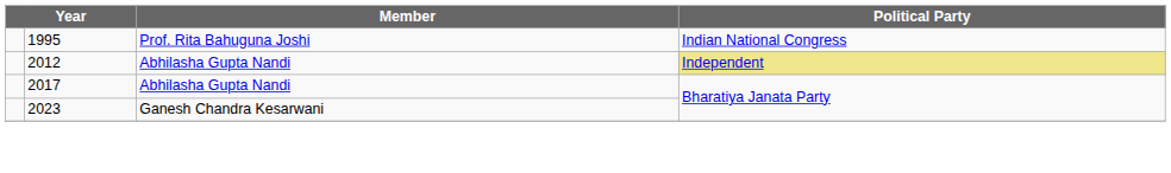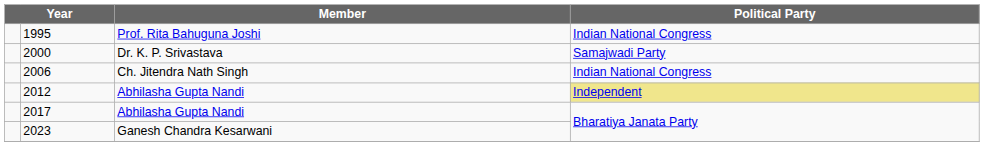 <table class="wikitable" width=80%>
 <tr>
 <th style="background-color:#666666; color:white" colspan="2">Year</th>
 <th style="background-color:#666666; color:white">Member</th>
 <th style="background-color:#666666; color:white">Political Party</th>
 </tr>
 <tr>
 <td style="background-color: "></td>
 <td>1995</td>
 <td><a href='#'>Prof. Rita Bahuguna Joshi</a></td>
+<td><a href='#'>Indian National Congress</a></td>
+</tr>
+<tr>
+<td style="background-color: "></td>
+<td>2000</td>
+<td>Dr. K. P. Srivastava</td>
+<td><a href='#'>Samajwadi Party</a></td>
+</tr>
+<tr>
+<td style="background-color: "></td>
+<td>2006</td>
+<td>Ch. Jitendra Nath Singh</td>
 <td><a href='#'>Indian National Congress</a></td>
 </tr>
 <tr>
 <td style="background-color: "></td>
 <td>2012</td>
 <td><a href='#'>Abhilasha Gupta Nandi</a></td>
 <td style="background: khaki;"><a href='#'>Independent</a></td>
 </tr>
 <tr>
 <td style="background-color: "></td>
 <td>2017</td>
 <td><a href='#'>Abhilasha Gupta Nandi</a></td>
 <td rowspan=2><a href='#'>Bharatiya Janata Party</a></td>
 </tr>
 <tr>
 <td style="background-color: "></td>
 <td>2023</td>
 <td>Ganesh Chandra Kesarwani</td>
 </tr>
 <tr>
 </tr>
 </table>
